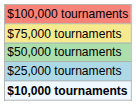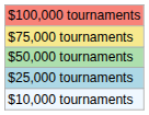 <table class="wikitable" style="font-size:90%">
 <tr style="background:#f88379;">
 <td>$100,000 tournaments</td>
 </tr>
 <tr style="background:#f7e98e;">
 <td>$75,000 tournaments</td>
 </tr>
 <tr style="background:#addfad;">
 <td>$50,000 tournaments</td>
 </tr>
 <tr style="background:lightblue;">
 <td>$25,000 tournaments</td>
 </tr>
 <tr style="background:#f0f8ff;">
-<td><strong>$10,000 tournaments</strong></td>
+<td>$10,000 tournaments</td>
 </tr>
 </table>
